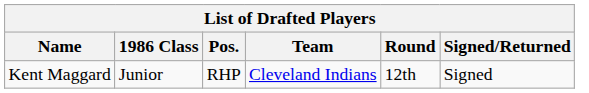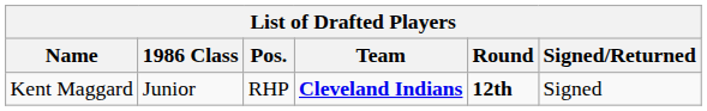 <table class="wikitable collapsible">
 <tr>
 <th colspan="7">List of Drafted Players</th>
 </tr>
 <tr>
 <th>Name</th>
 <th>1986 Class</th>
 <th>Pos.</th>
 <th>Team</th>
 <th>Round</th>
 <th>Signed/Returned</th>
 </tr>
 <tr>
 <td>Kent Maggard</td>
 <td>Junior</td>
 <td>RHP</td>
-<td><a href='#'>Cleveland Indians</a></td>
-<td>12th</td>
+<td><strong><a href='#'>Cleveland Indians</a></strong></td>
+<td><strong>12th</strong></td>
 <td>Signed</td>
 </tr>
 </table>
